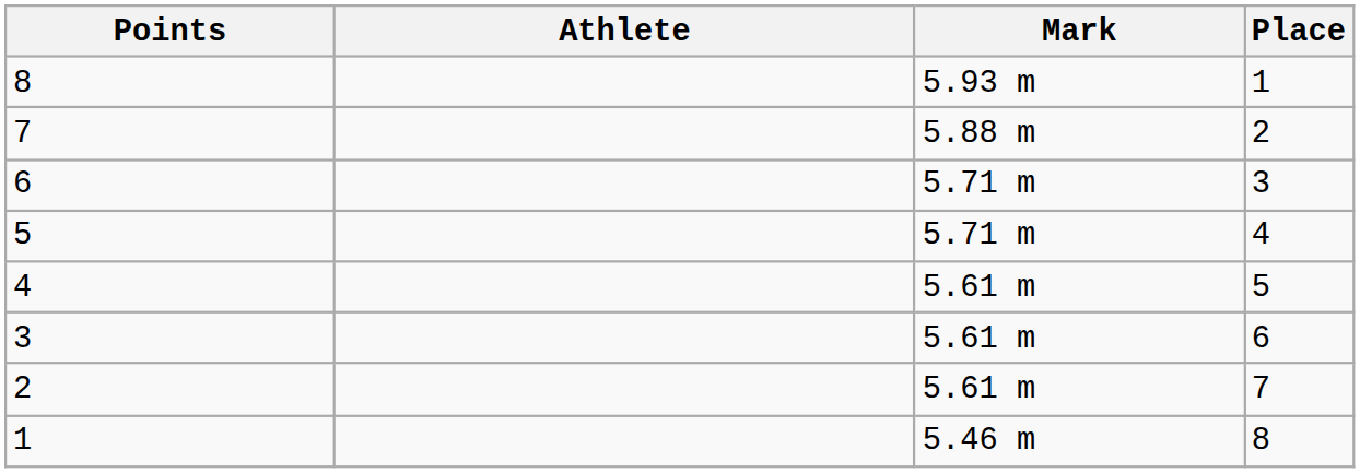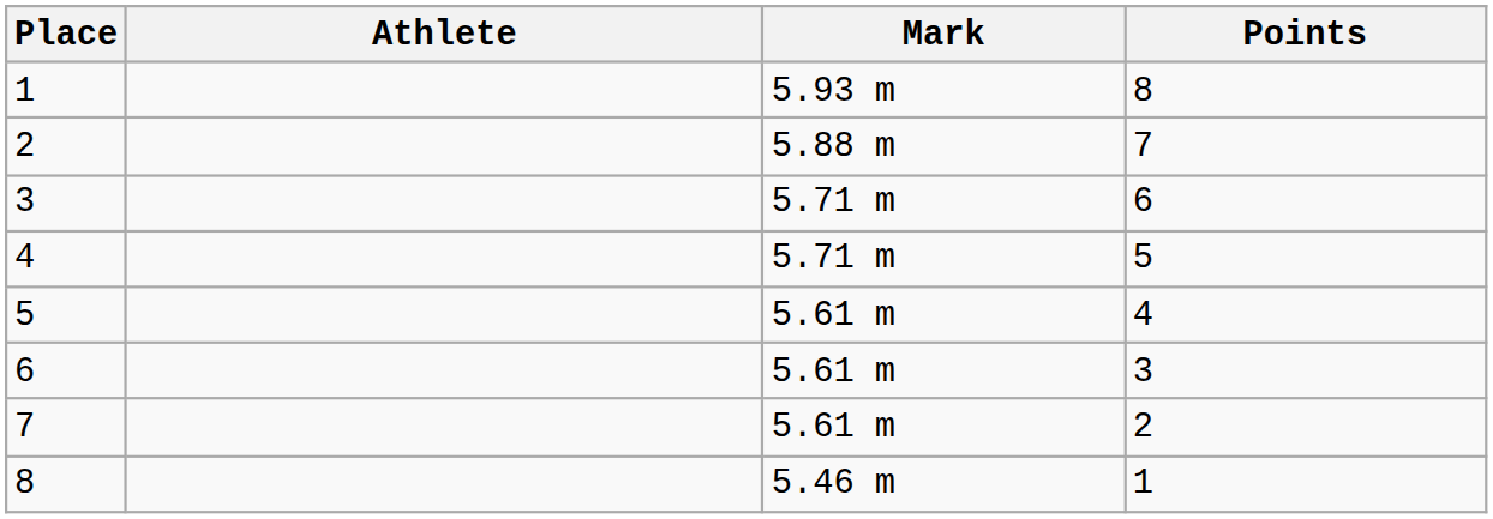 <table class=wikitable>
 <tr>
-<th style="width:10em">Points</th>
+<th>Place</th>
 <th style="width:18em">Athlete</th>
 <th style="width:10em">Mark</th>
-<th>Place</th>
+<th style="width:10em">Points</th>
+</tr>
+<tr>
+<td>1</td>
+<td></td>
+<td>5.93 m</td>
+<td>8</td>
+</tr>
+<tr>
+<td>2</td>
+<td></td>
+<td>5.88 m</td>
+<td>7</td>
+</tr>
+<tr>
+<td>3</td>
+<td></td>
+<td>5.71 m</td>
+<td>6</td>
+</tr>
+<tr>
+<td>4</td>
+<td></td>
+<td>5.71 m</td>
+<td>5</td>
+</tr>
+<tr>
+<td>5</td>
+<td></td>
+<td>5.61 m</td>
+<td>4</td>
+</tr>
+<tr>
+<td>6</td>
+<td></td>
+<td>5.61 m</td>
+<td>3</td>
+</tr>
+<tr>
+<td>7</td>
+<td></td>
+<td>5.61 m</td>
+<td>2</td>
 </tr>
 <tr>
 <td>8</td>
 <td></td>
-<td>5.93 m</td>
+<td>5.46 m</td>
 <td>1</td>
 </tr>
-<tr>
-<td>7</td>
-<td></td>
-<td>5.88 m</td>
-<td>2</td>
-</tr>
-<tr>
-<td>6</td>
-<td></td>
-<td>5.71 m</td>
-<td>3</td>
-</tr>
-<tr>
-<td>5</td>
-<td></td>
-<td>5.71 m</td>
-<td>4</td>
-</tr>
-<tr>
-<td>4</td>
-<td></td>
-<td>5.61 m</td>
-<td>5</td>
-</tr>
-<tr>
-<td>3</td>
-<td></td>
-<td>5.61 m</td>
-<td>6</td>
-</tr>
-<tr>
-<td>2</td>
-<td></td>
-<td>5.61 m</td>
-<td>7</td>
-</tr>
-<tr>
-<td>1</td>
-<td></td>
-<td>5.46 m</td>
-<td>8</td>
-</tr>
 </table>
